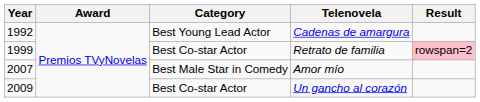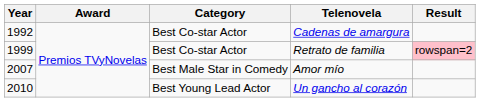 <table class="wikitable">
 <tr>
 <th>Year</th>
 <th>Award</th>
 <th>Category</th>
 <th>Telenovela</th>
 <th>Result</th>
 </tr>
 <tr>
 <td>1992</td>
 <td rowspan=5><a href='#'>Premios TVyNovelas</a></td>
-<td>Best Young Lead Actor</td>
+<td>Best Co-star Actor</td>
 <td><em><a href='#'>Cadenas de amargura</a></em></td>
 <td></td>
 </tr>
 <tr>
 <td>1999</td>
 <td>Best Co-star Actor</td>
 <td><em>Retrato de familia</em></td>
 <td style="background: pink;">rowspan=2 </td>
 </tr>
 <tr>
 <td>2007</td>
 <td>Best Male Star in Comedy</td>
 <td><em>Amor mío</em></td>
 </tr>
 <tr>
-<td>2009</td>
-<td>Best Co-star Actor</td>
+<td>2010</td>
+<td>Best Young Lead Actor</td>
 <td><em><a href='#'>Un gancho al corazón</a></em></td>
 <td></td>
 </tr>
 </table>
